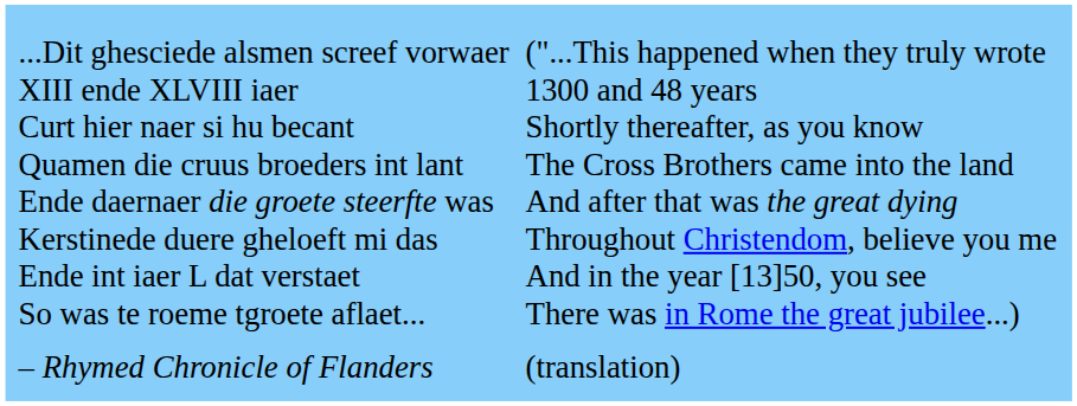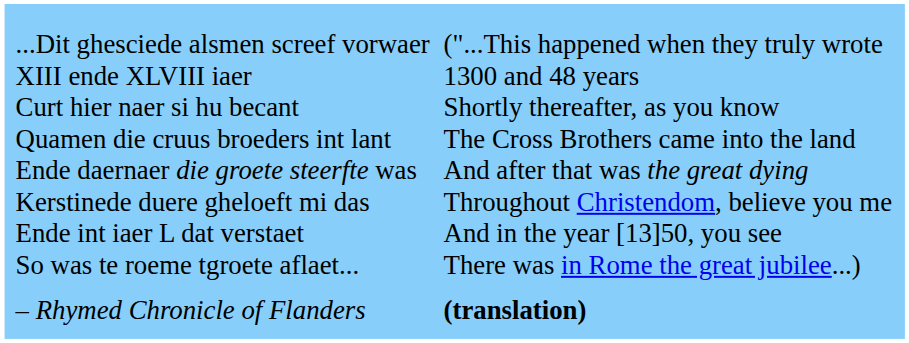 <table class="toccolours" style="float: left; margin-left: 1em; margin-right: 2em; font-size: 85%; background:#87CEFA; color:black; width:25;" cellspacing="5">
 <tr>
 <td style="text-align: left;"></td>
 </tr>
 <tr>
 <td style="text-align: left;">...Dit ghesciede alsmen screef vorwaer<br>XIII ende XLVIII iaer<br>Curt hier naer si hu becant<br>Quamen die cruus broeders int lant<br>Ende daernaer <em>die groete steerfte</em> was<br>Kerstinede duere gheloeft mi das<br>Ende int iaer L dat verstaet<br>So was te roeme tgroete aflaet...</td>
 <td style="text-align: left;">("...This happened when they truly wrote<br>1300 and 48 years<br>Shortly thereafter, as you know<br>The Cross Brothers came into the land<br>And after that was <em>the great dying</em><br>Throughout <a href='#'>Christendom</a>, believe you me<br>And in the year [13]50, you see<br>There was <a href='#'>in Rome the great jubilee</a>...)</td>
 </tr>
 <tr>
 <td style="text-align: left;">– <em>Rhymed Chronicle of Flanders</em></td>
-<td style="text-align: left;">(translation)</td>
+<td style="text-align: left;"><strong>(translation)</strong></td>
 </tr>
 </table>
